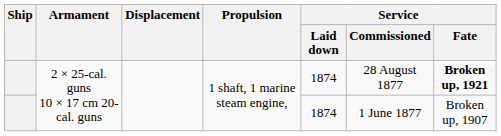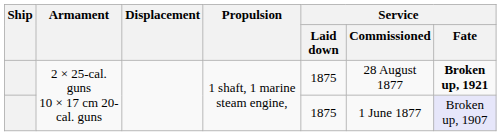 <table class="wikitable plainrowheaders" style="text-align: center;">
 <tr valign="top">
 <th scope="col" rowspan="2">Ship</th>
 <th scope="col" rowspan="2">Armament</th>
 <th scope="col" rowspan="2">Displacement</th>
 <th scope="col" rowspan="2">Propulsion</th>
 <th scope="col" colspan="3">Service</th>
 </tr>
 <tr valign="top">
 <th scope="col">Laid down</th>
 <th scope="col">Commissioned</th>
 <th scope="col">Fate</th>
 </tr>
 <tr valign="center">
 <th scope="row"></th>
 <td rowspan="2">2 ×  25-cal. guns<br>10 × 17 cm 20-cal. guns</td>
 <td rowspan="2"></td>
 <td rowspan="2">1 shaft, 1 marine steam engine, </td>
-<td>1874</td>
+<td>1875</td>
 <td>28 August 1877</td>
 <td><strong>Broken up, 1921</strong></td>
 </tr>
 <tr valign="center">
 <th scope="row"></th>
-<td>1874</td>
+<td>1875</td>
 <td>1 June 1877</td>
-<td>Broken up, 1907</td>
+<td style="background: lavender;">Broken up, 1907</td>
 </tr>
 </table>
